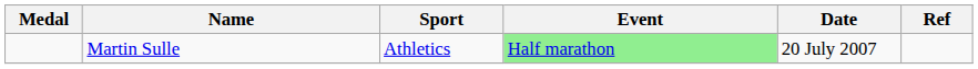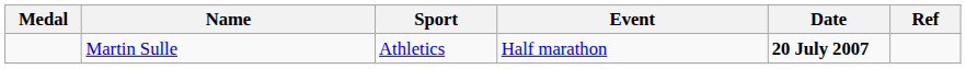 <table class="wikitable sortable" style="font-size:100%">
 <tr>
 <th width="60">Medal</th>
 <th width="250">Name</th>
 <th width="100">Sport</th>
 <th width="230">Event</th>
 <th width="100">Date</th>
 <th width="55">Ref</th>
 </tr>
 <tr>
 <td></td>
 <td><a href='#'>Martin Sulle</a></td>
 <td><a href='#'>Athletics</a></td>
-<td style="background: lightgreen;"><a href='#'>Half marathon</a></td>
-<td>20 July 2007</td>
+<td><a href='#'>Half marathon</a></td>
+<td><strong>20 July 2007</strong></td>
 <td></td>
 </tr>
 <tr>
 </tr>
 </table>
